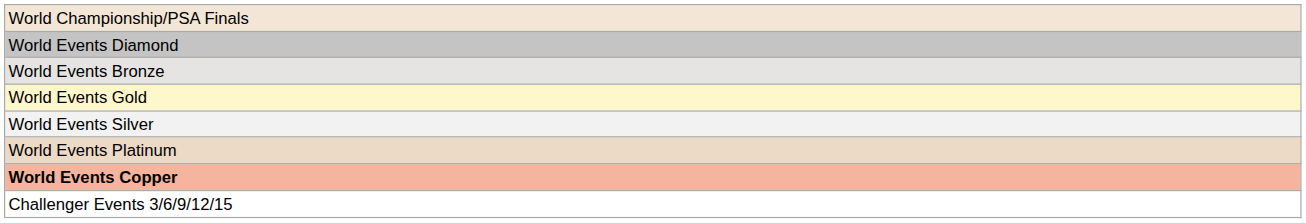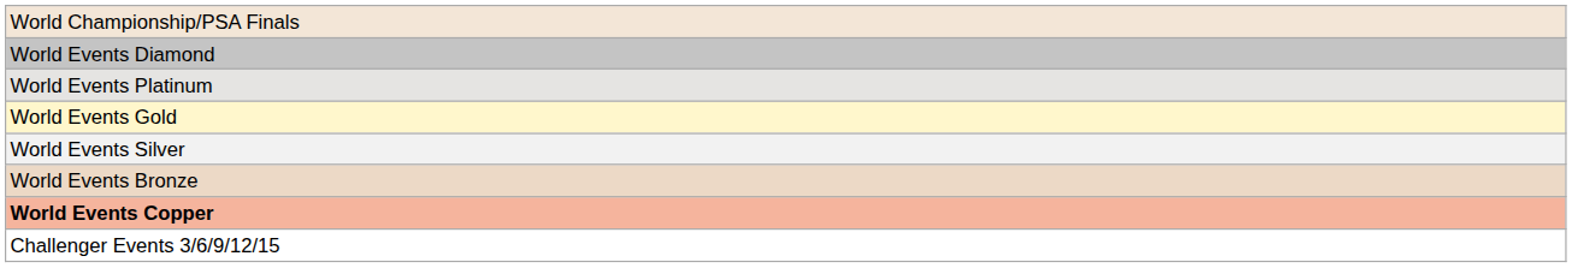 <table class=wikitable style=font-size:89%;width:70%>
 <tr style="background:#F3E6D7;">
 <td>World Championship/PSA Finals</td>
 </tr>
 <tr style="background:#c4c4c4;">
 <td>World Events Diamond</td>
 </tr>
 <tr style="background:#E5E4E2;">
-<td>World Events Bronze</td>
+<td>World Events Platinum</td>
 </tr>
 <tr style="background:#fff7cc;">
 <td>World Events Gold</td>
 </tr>
 <tr style="background:#f2f2f2;">
 <td>World Events Silver</td>
 </tr>
 <tr style="background:#ecd9c6;">
-<td>World Events Platinum</td>
+<td>World Events Bronze</td>
 </tr>
 <tr style="background:#f5b49d;">
 <td><strong>World Events Copper</strong></td>
 </tr>
 <tr style="background:#fff;">
 <td>Challenger Events 3/6/9/12/15</td>
 </tr>
 </table>
